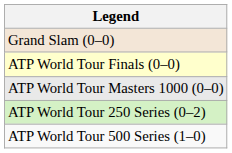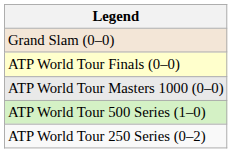 <table class=wikitable style=font-size:97%>
 <tr>
 <th>Legend</th>
 </tr>
 <tr bgcolor=#f3e6d7>
 <td>Grand Slam (0–0)</td>
 </tr>
 <tr bgcolor=ffffcc>
 <td>ATP World Tour Finals (0–0)</td>
 </tr>
 <tr bgcolor=#e9e9e9>
 <td>ATP World Tour Masters 1000 (0–0)</td>
 </tr>
 <tr bgcolor=#d4f1c5>
+<td>ATP World Tour 500 Series (1–0)</td>
+</tr>
+<tr>
 <td>ATP World Tour 250 Series (0–2)</td>
 </tr>
-<tr>
-<td>ATP World Tour 500 Series (1–0)</td>
-</tr>
 </table>
